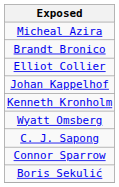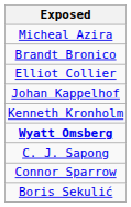 <table class="wikitable" style="text-align:center">
 <tr>
 <th>Exposed</th>
 </tr>
 <tr>
 <td><a href='#'>Micheal Azira</a></td>
 </tr>
 <tr>
 <td><a href='#'>Brandt Bronico</a></td>
 </tr>
 <tr>
 <td><a href='#'>Elliot Collier</a></td>
 </tr>
 <tr>
 <td><a href='#'>Johan Kappelhof</a></td>
 </tr>
 <tr>
 <td><a href='#'>Kenneth Kronholm</a></td>
 </tr>
 <tr>
-<td><a href='#'>Wyatt Omsberg</a></td>
+<td><strong><a href='#'>Wyatt Omsberg</a></strong></td>
 </tr>
 <tr>
 <td><a href='#'>C. J. Sapong</a></td>
 </tr>
 <tr>
 <td><a href='#'>Connor Sparrow</a></td>
 </tr>
 <tr>
 <td><a href='#'>Boris Sekulić</a></td>
 </tr>
 <tr>
 </tr>
 </table>
